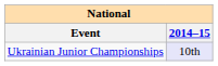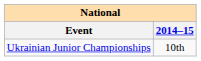 <table class="wikitable" style="text-align:center">
 <tr>
 <th colspan="2" style="background-color: #ffdead; " align="center">National</th>
 </tr>
 <tr>
 <th>Event</th>
 <th><a href='#'>2014–15</a></th>
 </tr>
 <tr>
 <td align=left><a href='#'>Ukrainian Junior Championships</a></td>
-<td style="background: lavender;">10th</td>
+<td>10th</td>
 </tr>
 </table>
